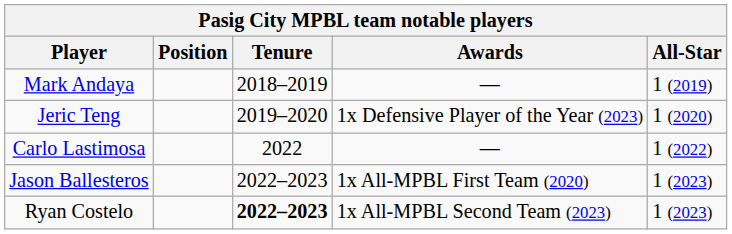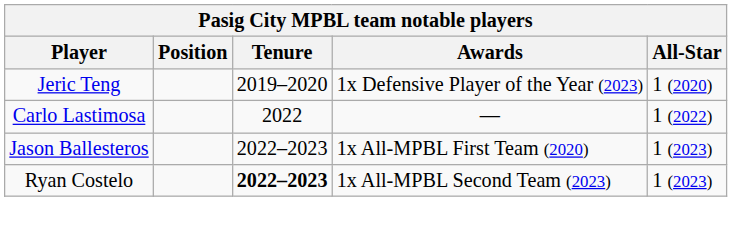 <table class="wikitable sortable" style="text-align:center">
 <tr>
 <th colspan="5">Pasig City MPBL team notable players</th>
 </tr>
 <tr>
 <th>Player</th>
 <th>Position</th>
 <th>Tenure</th>
 <th>Awards</th>
 <th>All-Star</th>
-</tr>
-<tr>
-<td><a href='#'>Mark Andaya</a></td>
-<td></td>
-<td>2018–2019</td>
-<td>—</td>
-<td align=left>1 <small>(<a href='#'>2019</a>)</small></td>
 </tr>
 <tr>
 <td><a href='#'>Jeric Teng</a></td>
 <td></td>
 <td>2019–2020</td>
 <td align=left>1x Defensive Player of the Year <small>(<a href='#'>2023</a>)</small></td>
 <td align=left>1 <small>(<a href='#'>2020</a>)</small></td>
 </tr>
 <tr>
 <td><a href='#'>Carlo Lastimosa</a></td>
 <td></td>
 <td>2022</td>
 <td>—</td>
 <td align=left>1 <small>(<a href='#'>2022</a>)</small></td>
 </tr>
 <tr>
 <td><a href='#'>Jason Ballesteros</a></td>
 <td></td>
 <td>2022–2023</td>
 <td align=left>1x All-MPBL First Team <small>(<a href='#'>2020</a>)</small></td>
 <td align=left>1 <small>(<a href='#'>2023</a>)</small></td>
 </tr>
 <tr>
 <td>Ryan Costelo</td>
 <td></td>
 <td><strong>2022–2023</strong></td>
 <td align=left>1x All-MPBL Second Team <small>(<a href='#'>2023</a>)</small></td>
 <td align=left>1 <small>(<a href='#'>2023</a>)</small></td>
 </tr>
 </table>
